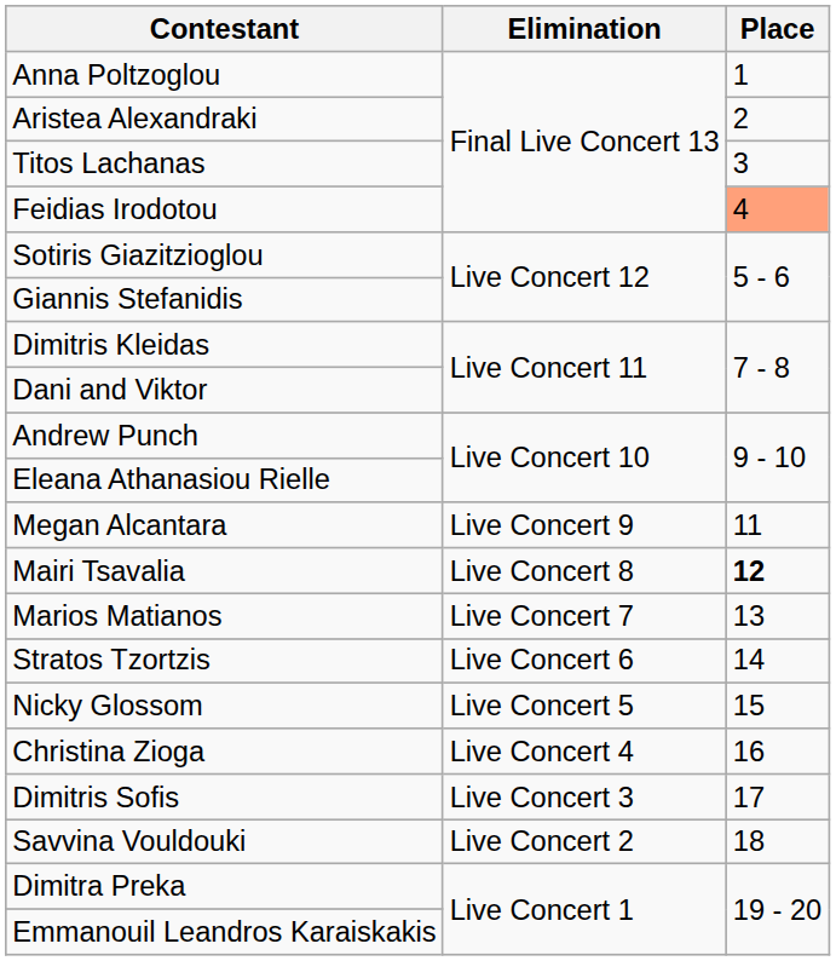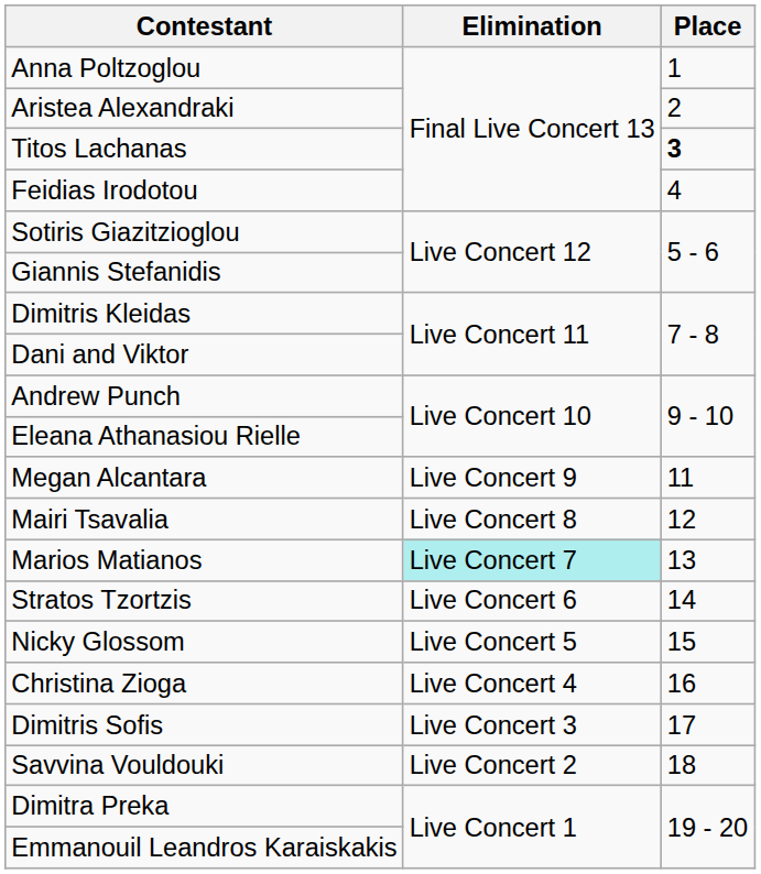 <table class="wikitable" style="font-size:90%;">
 <tr>
 <th>Contestant</th>
 <th>Elimination</th>
 <th>Place</th>
 </tr>
 <tr>
 <td>Anna Poltzoglou</td>
 <td rowspan="4">Final Live Concert 13</td>
 <td>1</td>
 </tr>
 <tr>
 <td>Aristea Alexandraki</td>
 <td>2</td>
 </tr>
 <tr>
 <td>Titos Lachanas</td>
-<td>3</td>
+<td><strong>3</strong></td>
 </tr>
 <tr>
 <td>Feidias Irodotou</td>
-<td style="background: lightsalmon;">4</td>
+<td>4</td>
 </tr>
 <tr>
 <td>Sotiris Giazitzioglou</td>
 <td rowspan="2">Live Concert 12</td>
 <td rowspan="2">5 - 6</td>
 </tr>
 <tr>
 <td>Giannis Stefanidis</td>
 </tr>
 <tr>
 <td>Dimitris Kleidas</td>
 <td rowspan="2">Live Concert 11</td>
 <td rowspan="2">7 - 8</td>
 </tr>
 <tr>
 <td>Dani and Viktor</td>
 </tr>
 <tr>
 <td>Andrew Punch</td>
 <td rowspan="2">Live Concert 10</td>
 <td rowspan="2">9 - 10</td>
 </tr>
 <tr>
 <td>Eleana Athanasiou Rielle </td>
 </tr>
 <tr>
 <td>Megan Alcantara</td>
 <td>Live Concert 9</td>
 <td>11</td>
 </tr>
 <tr>
 <td>Mairi Tsavalia</td>
 <td>Live Concert 8</td>
-<td><strong>12</strong></td>
+<td>12</td>
 </tr>
 <tr>
 <td>Marios Matianos </td>
-<td>Live Concert 7</td>
+<td style="background: paleturquoise;">Live Concert 7</td>
 <td>13</td>
 </tr>
 <tr>
 <td>Stratos Tzortzis</td>
 <td>Live Concert 6</td>
 <td>14</td>
 </tr>
 <tr>
 <td>Nicky Glossom</td>
 <td>Live Concert 5</td>
 <td>15</td>
 </tr>
 <tr>
 <td>Christina Zioga</td>
 <td>Live Concert 4</td>
 <td>16</td>
 </tr>
 <tr>
 <td>Dimitris Sofis</td>
 <td>Live Concert 3</td>
 <td>17</td>
 </tr>
 <tr>
 <td>Savvina Vouldouki</td>
 <td>Live Concert 2</td>
 <td>18</td>
 </tr>
 <tr>
 <td>Dimitra Preka</td>
 <td rowspan="2">Live Concert 1</td>
 <td rowspan="2">19 - 20</td>
 </tr>
 <tr>
 <td>Emmanouil Leandros Karaiskakis</td>
 </tr>
 </table>
